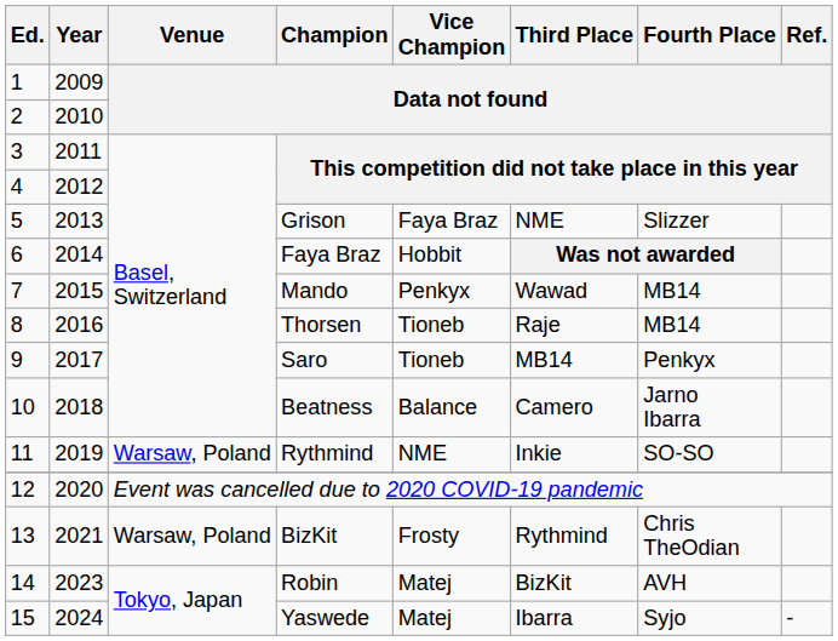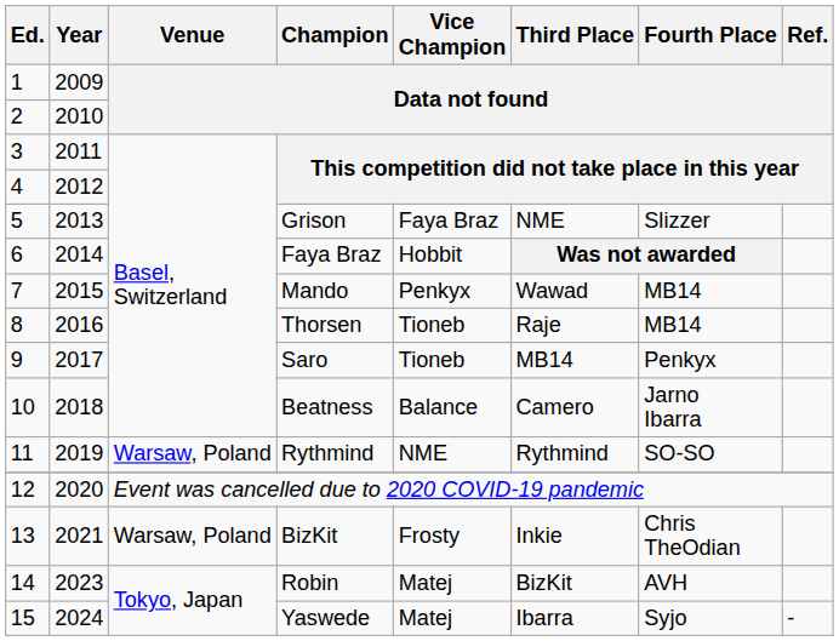 <table class="wikitable">
 <tr>
 <th>Ed.</th>
 <th>Year</th>
 <th>Venue</th>
 <th>Champion</th>
 <th>Vice<br>Champion</th>
 <th>Third Place</th>
 <th>Fourth Place</th>
 <th>Ref.</th>
 </tr>
 <tr>
 <td>1</td>
 <td>2009</td>
 <th colspan="6" rowspan="2">Data not found</th>
 </tr>
 <tr>
 <td>2</td>
 <td>2010</td>
 </tr>
 <tr>
 <td>3</td>
 <td>2011</td>
 <td rowspan="8"><a href='#'>Basel</a>,<br>Switzerland</td>
 <th colspan="5" rowspan="2"><strong>This competition did not take place in this year</strong></th>
 </tr>
 <tr>
 <td>4</td>
 <td>2012</td>
 </tr>
 <tr>
 <td>5</td>
 <td>2013</td>
 <td> Grison</td>
 <td> Faya Braz</td>
 <td> NME</td>
 <td> Slizzer</td>
 <td></td>
 </tr>
 <tr>
 <td>6</td>
 <td>2014</td>
 <td> Faya Braz</td>
 <td> Hobbit</td>
 <th colspan="2">Was not awarded</th>
 <td></td>
 </tr>
 <tr>
 <td>7</td>
 <td>2015</td>
 <td> Mando</td>
 <td> Penkyx</td>
 <td> Wawad</td>
 <td> MB14</td>
 <td></td>
 </tr>
 <tr>
 <td>8</td>
 <td>2016</td>
 <td> Thorsen</td>
 <td> Tioneb</td>
 <td> Raje</td>
 <td> MB14</td>
 <td></td>
 </tr>
 <tr>
 <td>9</td>
 <td>2017</td>
 <td> Saro</td>
 <td> Tioneb</td>
 <td> MB14</td>
 <td> Penkyx</td>
 <td></td>
 </tr>
 <tr>
 <td>10</td>
 <td>2018</td>
 <td> Beatness</td>
 <td> Balance</td>
 <td> Camero</td>
 <td> Jarno<br>Ibarra</td>
 <td></td>
 </tr>
 <tr>
 <td>11</td>
 <td>2019</td>
 <td><a href='#'>Warsaw</a>, Poland</td>
 <td> Rythmind</td>
 <td> NME</td>
-<td> Inkie</td>
+<td> Rythmind</td>
 <td> SO-SO</td>
 <td></td>
 </tr>
 <tr>
 </tr>
 <tr>
 <td>12</td>
 <td>2020</td>
 <td colspan="6"><em>Event was cancelled due to <a href='#'>2020 COVID-19 pandemic</a></em></td>
 </tr>
 <tr>
 <td>13</td>
 <td>2021</td>
 <td>Warsaw, Poland</td>
 <td> BizKit</td>
 <td> Frosty</td>
-<td> Rythmind</td>
+<td> Inkie</td>
 <td> Chris<br>TheOdian</td>
 <td></td>
 </tr>
 <tr>
 <td>14</td>
 <td>2023</td>
 <td rowspan="2"><a href='#'>Tokyo</a>, Japan</td>
 <td> Robin</td>
 <td> Matej</td>
 <td> BizKit</td>
 <td> AVH</td>
 <td></td>
 </tr>
 <tr>
 <td>15</td>
 <td>2024</td>
 <td> Yaswede</td>
 <td> Matej</td>
 <td> Ibarra</td>
 <td> Syjo</td>
 <td>-</td>
 </tr>
 </table>
